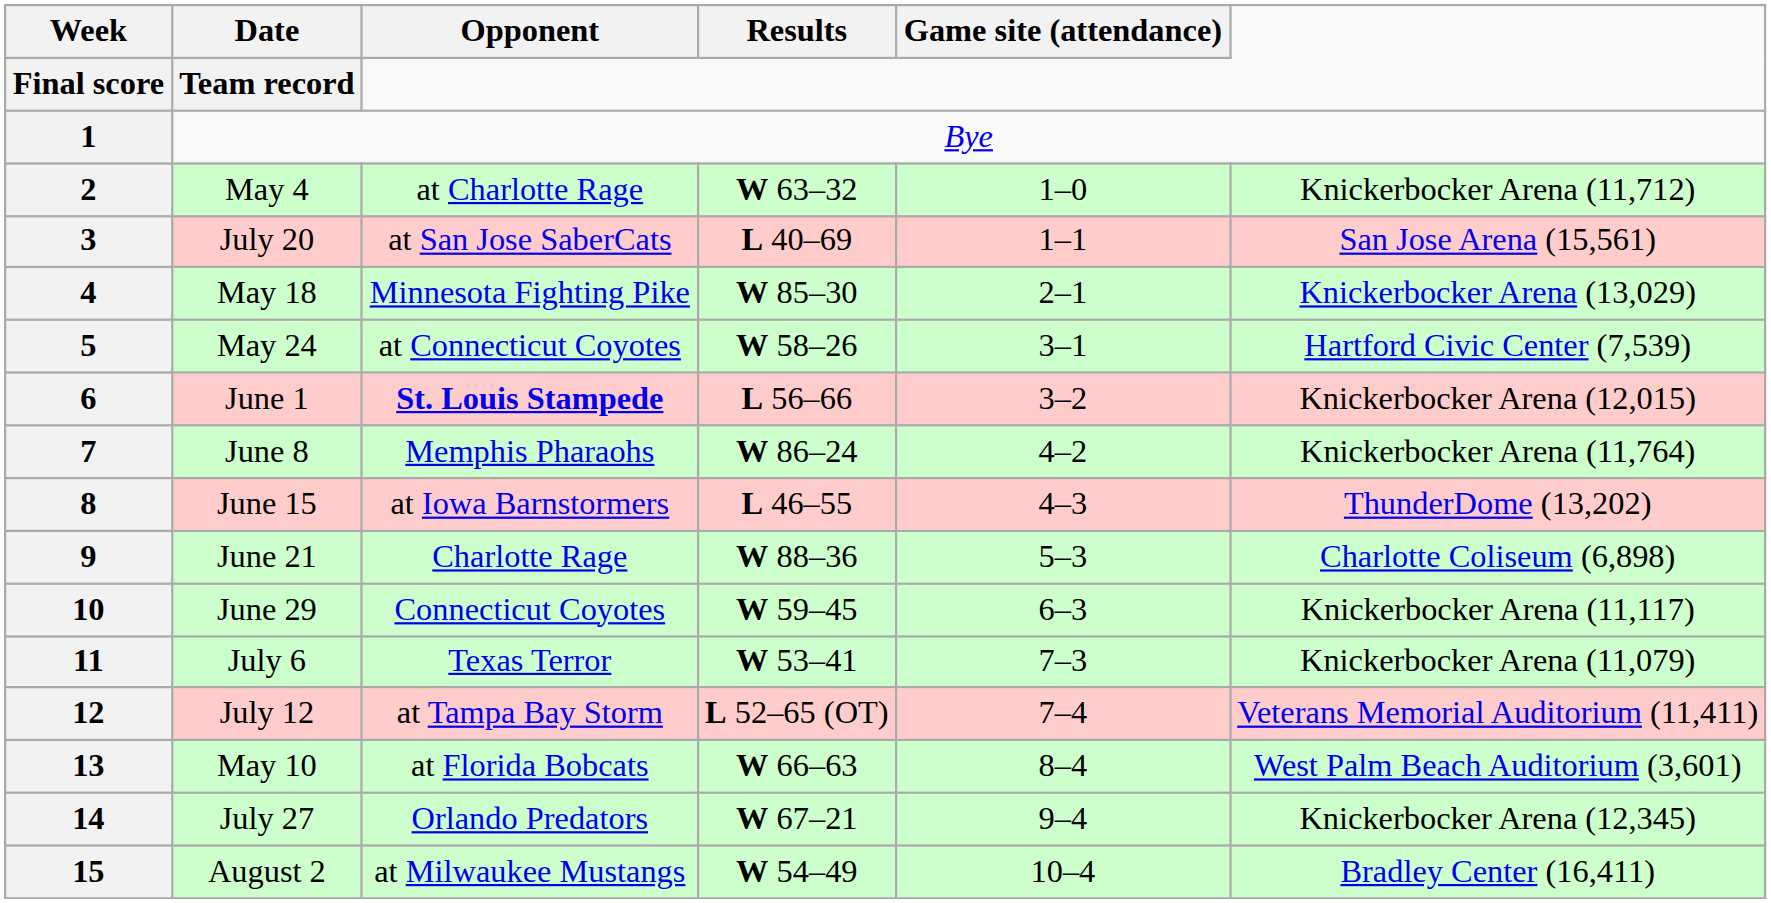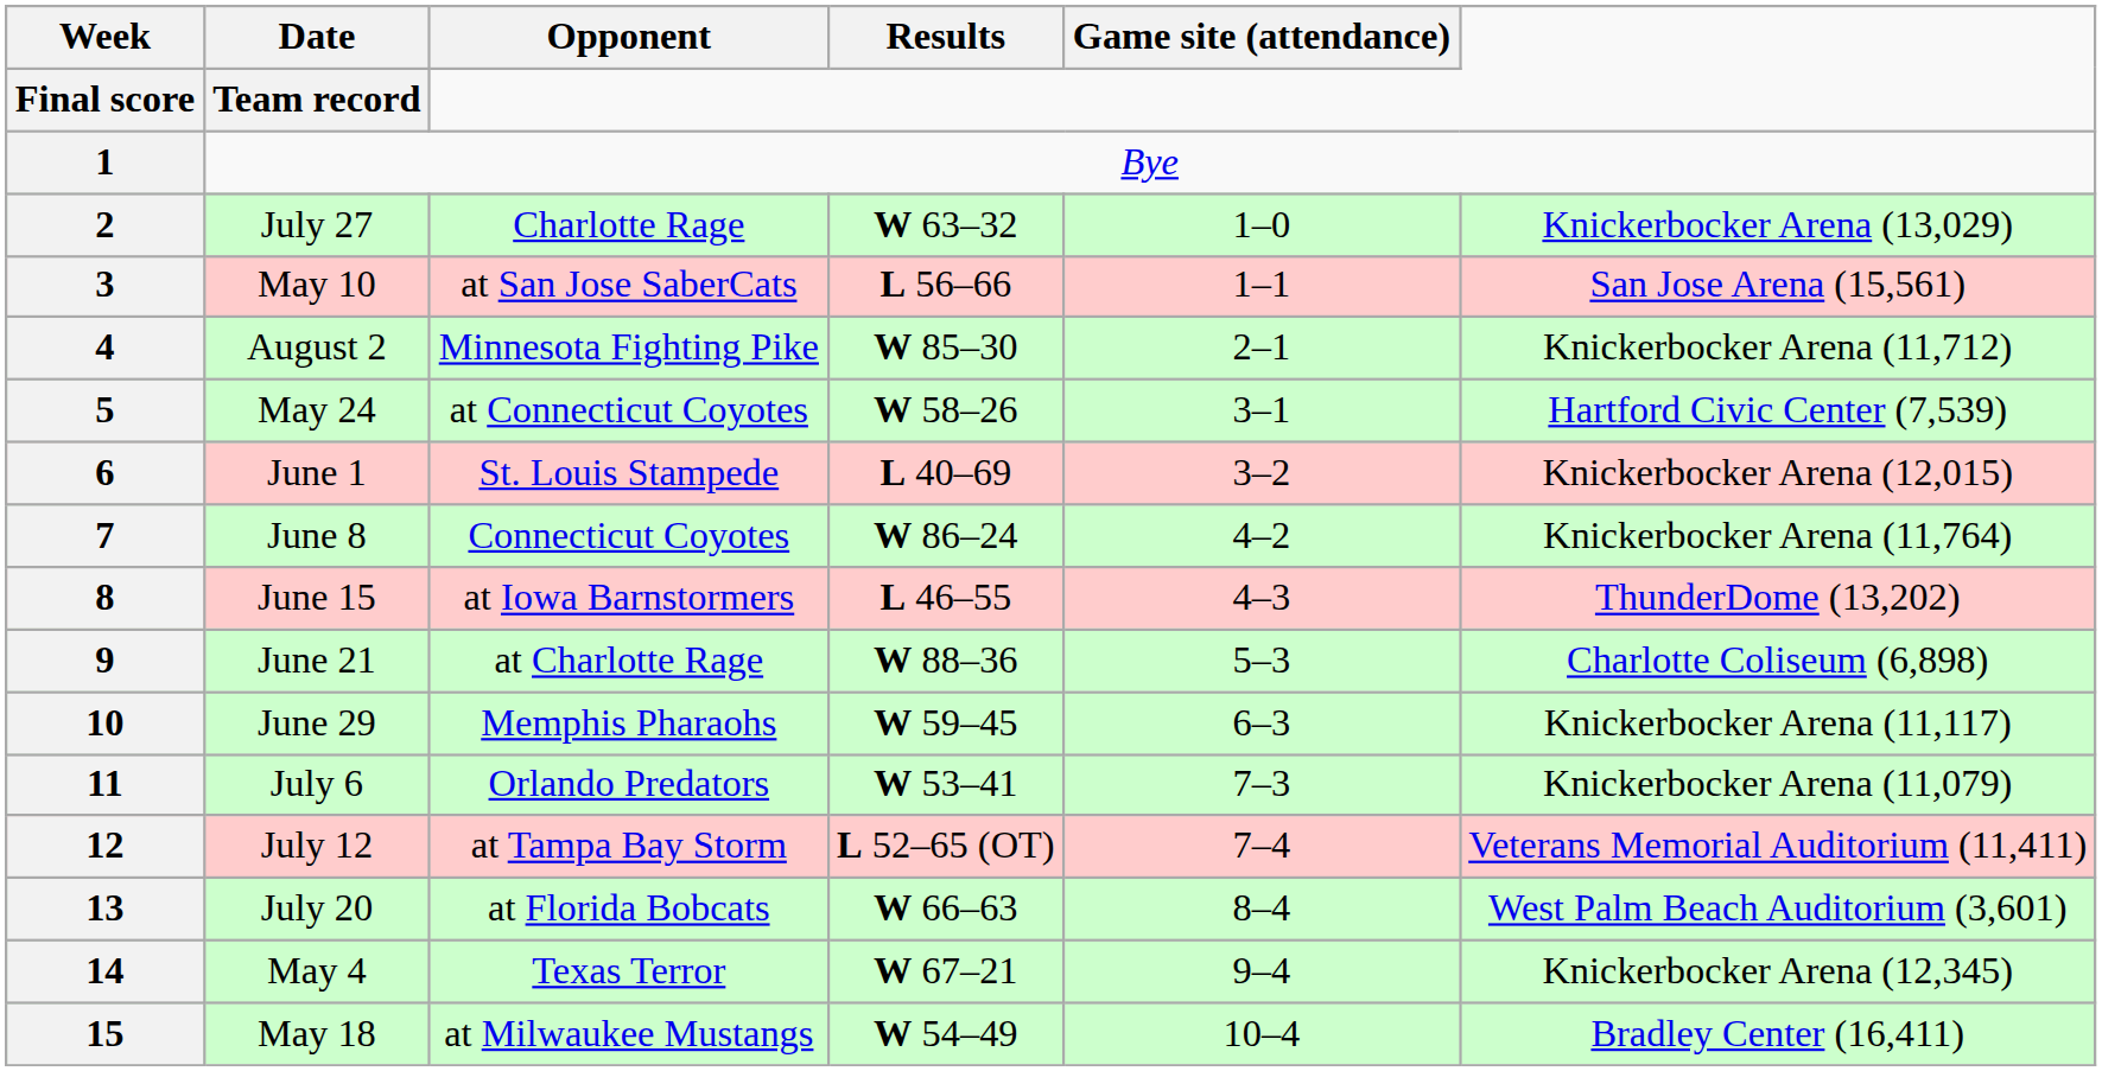 <table class="wikitable" style="font-size: 92%;" "align=center">
 <tr>
 <th>Week</th>
 <th>Date</th>
 <th>Opponent</th>
 <th>Results</th>
 <th>Game site (attendance)</th>
 </tr>
 <tr>
 <th>Final score</th>
 <th>Team record</th>
 </tr>
 <tr style=>
 <th>1</th>
 <td colspan="8" style="text-align:center;"><em><a href='#'>Bye</a></em></td>
 </tr>
 <tr style="background:#cfc">
 <th>2</th>
-<td style="text-align:center;">May 4</td>
-<td style="text-align:center;">at <a href='#'>Charlotte Rage</a></td>
+<td style="text-align:center;">July 27</td>
+<td style="text-align:center;"><a href='#'>Charlotte Rage</a></td>
 <td style="text-align:center;"><strong>W</strong> 63–32</td>
 <td style="text-align:center;">1–0</td>
-<td style="text-align:center;">Knickerbocker Arena (11,712)</td>
+<td style="text-align:center;"><a href='#'>Knickerbocker Arena</a> (13,029)</td>
 </tr>
 <tr style="background:#fcc">
 <th>3</th>
-<td style="text-align:center;">July 20</td>
+<td style="text-align:center;">May 10</td>
 <td style="text-align:center;">at <a href='#'>San Jose SaberCats</a></td>
-<td style="text-align:center;"><strong>L</strong> 40–69</td>
+<td style="text-align:center;"><strong>L</strong> 56–66</td>
 <td style="text-align:center;">1–1</td>
 <td style="text-align:center;"><a href='#'>San Jose Arena</a> (15,561)</td>
 </tr>
 <tr style="background:#cfc">
 <th>4</th>
-<td style="text-align:center;">May 18</td>
+<td style="text-align:center;">August 2</td>
 <td style="text-align:center;"><a href='#'>Minnesota Fighting Pike</a></td>
 <td style="text-align:center;"><strong>W</strong> 85–30</td>
 <td style="text-align:center;">2–1</td>
-<td style="text-align:center;"><a href='#'>Knickerbocker Arena</a> (13,029)</td>
+<td style="text-align:center;">Knickerbocker Arena (11,712)</td>
 </tr>
 <tr style="background:#cfc">
 <th>5</th>
 <td style="text-align:center;">May 24</td>
 <td style="text-align:center;">at <a href='#'>Connecticut Coyotes</a></td>
 <td style="text-align:center;"><strong>W</strong> 58–26</td>
 <td style="text-align:center;">3–1</td>
 <td style="text-align:center;"><a href='#'>Hartford Civic Center</a> (7,539)</td>
 </tr>
 <tr style="background:#fcc">
 <th>6</th>
 <td style="text-align:center;">June 1</td>
-<td style="text-align:center;"><strong><a href='#'>St. Louis Stampede</a></strong></td>
-<td style="text-align:center;"><strong>L</strong> 56–66</td>
+<td style="text-align:center;"><a href='#'>St. Louis Stampede</a></td>
+<td style="text-align:center;"><strong>L</strong> 40–69</td>
 <td style="text-align:center;">3–2</td>
 <td style="text-align:center;">Knickerbocker Arena (12,015)</td>
 </tr>
 <tr style="background:#cfc">
 <th>7</th>
 <td style="text-align:center;">June 8</td>
-<td style="text-align:center;"><a href='#'>Memphis Pharaohs</a></td>
+<td style="text-align:center;"><a href='#'>Connecticut Coyotes</a></td>
 <td style="text-align:center;"><strong>W</strong> 86–24</td>
 <td style="text-align:center;">4–2</td>
 <td style="text-align:center;">Knickerbocker Arena (11,764)</td>
 </tr>
 <tr style="background:#fcc">
 <th>8</th>
 <td style="text-align:center;">June 15</td>
 <td style="text-align:center;">at <a href='#'>Iowa Barnstormers</a></td>
 <td style="text-align:center;"><strong>L</strong> 46–55</td>
 <td style="text-align:center;">4–3</td>
 <td style="text-align:center;"><a href='#'>ThunderDome</a> (13,202)</td>
 </tr>
 <tr style="background:#cfc">
 <th>9</th>
 <td style="text-align:center;">June 21</td>
-<td style="text-align:center;"><a href='#'>Charlotte Rage</a></td>
+<td style="text-align:center;">at <a href='#'>Charlotte Rage</a></td>
 <td style="text-align:center;"><strong>W</strong> 88–36</td>
 <td style="text-align:center;">5–3</td>
 <td style="text-align:center;"><a href='#'>Charlotte Coliseum</a> (6,898)</td>
 </tr>
 <tr style="background:#cfc">
 <th>10</th>
 <td style="text-align:center;">June 29</td>
-<td style="text-align:center;"><a href='#'>Connecticut Coyotes</a></td>
+<td style="text-align:center;"><a href='#'>Memphis Pharaohs</a></td>
 <td style="text-align:center;"><strong>W</strong> 59–45</td>
 <td style="text-align:center;">6–3</td>
 <td style="text-align:center;">Knickerbocker Arena (11,117)</td>
 </tr>
 <tr style="background:#cfc">
 <th>11</th>
 <td style="text-align:center;">July 6</td>
-<td style="text-align:center;"><a href='#'>Texas Terror</a></td>
+<td style="text-align:center;"><a href='#'>Orlando Predators</a></td>
 <td style="text-align:center;"><strong>W</strong> 53–41</td>
 <td style="text-align:center;">7–3</td>
 <td style="text-align:center;">Knickerbocker Arena (11,079)</td>
 </tr>
 <tr style="background:#fcc">
 <th>12</th>
 <td style="text-align:center;">July 12</td>
 <td style="text-align:center;">at <a href='#'>Tampa Bay Storm</a></td>
 <td style="text-align:center;"><strong>L</strong> 52–65 (OT)</td>
 <td style="text-align:center;">7–4</td>
 <td style="text-align:center;"><a href='#'>Veterans Memorial Auditorium</a> (11,411)</td>
 </tr>
 <tr style="background:#cfc">
 <th>13</th>
-<td style="text-align:center;">May 10</td>
+<td style="text-align:center;">July 20</td>
 <td style="text-align:center;">at <a href='#'>Florida Bobcats</a></td>
 <td style="text-align:center;"><strong>W</strong> 66–63</td>
 <td style="text-align:center;">8–4</td>
 <td style="text-align:center;"><a href='#'>West Palm Beach Auditorium</a> (3,601)</td>
 </tr>
 <tr style="background:#cfc">
 <th>14</th>
-<td style="text-align:center;">July 27</td>
-<td style="text-align:center;"><a href='#'>Orlando Predators</a></td>
+<td style="text-align:center;">May 4</td>
+<td style="text-align:center;"><a href='#'>Texas Terror</a></td>
 <td style="text-align:center;"><strong>W</strong> 67–21</td>
 <td style="text-align:center;">9–4</td>
 <td style="text-align:center;">Knickerbocker Arena (12,345)</td>
 </tr>
 <tr style="background:#cfc">
 <th>15</th>
-<td style="text-align:center;">August 2</td>
+<td style="text-align:center;">May 18</td>
 <td style="text-align:center;">at <a href='#'>Milwaukee Mustangs</a></td>
 <td style="text-align:center;"><strong>W</strong> 54–49</td>
 <td style="text-align:center;">10–4</td>
 <td style="text-align:center;"><a href='#'>Bradley Center</a> (16,411)</td>
 </tr>
 </table>
